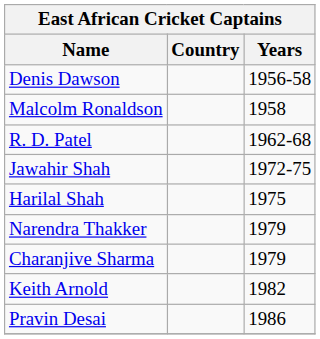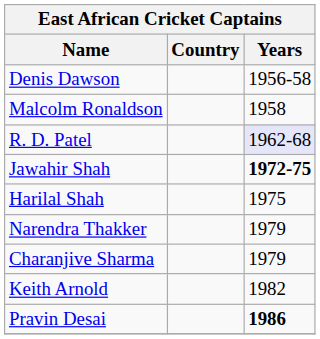 <table class="wikitable">
 <tr>
 <th bgcolor="#efefef" colspan=9>East African Cricket Captains</th>
 </tr>
 <tr bgcolor="#efefef">
 <th>Name</th>
 <th>Country</th>
 <th>Years</th>
 </tr>
 <tr>
 <td><a href='#'>Denis Dawson</a></td>
 <td></td>
 <td>1956-58</td>
 </tr>
 <tr>
 <td><a href='#'>Malcolm Ronaldson</a></td>
 <td></td>
 <td>1958</td>
 </tr>
 <tr>
 <td><a href='#'>R. D. Patel</a></td>
 <td></td>
-<td>1962-68</td>
+<td style="background: lavender;">1962-68</td>
 </tr>
 <tr>
 <td><a href='#'>Jawahir Shah</a></td>
 <td></td>
-<td>1972-75</td>
+<td><strong>1972-75</strong></td>
 </tr>
 <tr>
 <td><a href='#'>Harilal Shah</a></td>
 <td></td>
 <td>1975</td>
 </tr>
 <tr>
 <td><a href='#'>Narendra Thakker</a></td>
 <td></td>
 <td>1979</td>
 </tr>
 <tr>
 <td><a href='#'>Charanjive Sharma</a></td>
 <td></td>
 <td>1979</td>
 </tr>
 <tr>
 <td><a href='#'>Keith Arnold</a></td>
 <td></td>
 <td>1982</td>
 </tr>
 <tr>
 <td><a href='#'>Pravin Desai</a></td>
 <td></td>
-<td>1986</td>
+<td><strong>1986</strong></td>
 </tr>
 <tr>
 </tr>
 </table>
